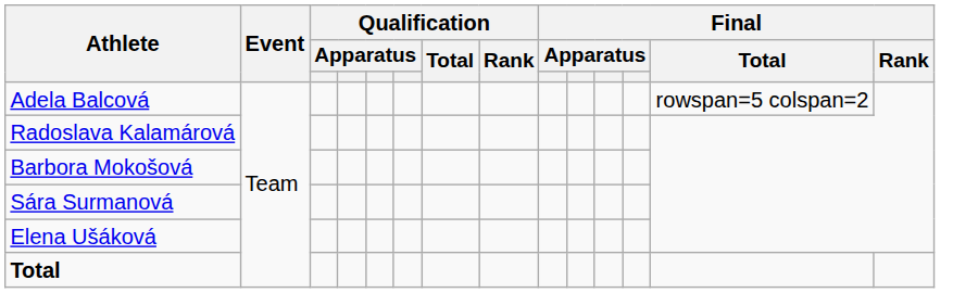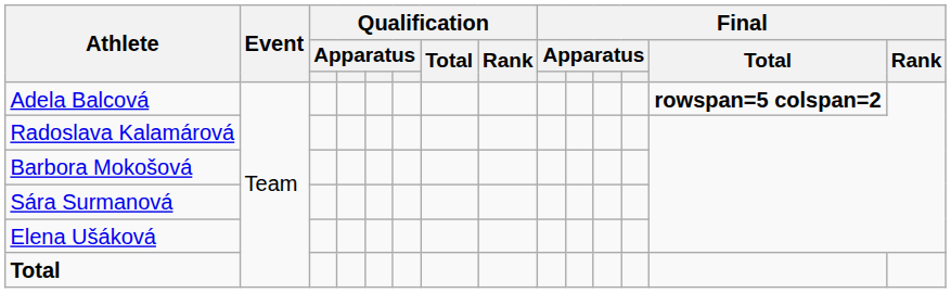 <table class="wikitable" style="font-size:90%">
 <tr>
 <th rowspan=3>Athlete</th>
 <th rowspan=3>Event</th>
 <th colspan=6>Qualification</th>
 <th colspan=6>Final</th>
 </tr>
 <tr style="font-size:95%">
 <th colspan=4>Apparatus</th>
 <th rowspan=2>Total</th>
 <th rowspan=2>Rank</th>
 <th colspan=4>Apparatus</th>
 <th rowspan=2>Total</th>
 <th rowspan=2>Rank</th>
 </tr>
 <tr style="font-size:95%">
 <th></th>
 <th></th>
 <th></th>
 <th></th>
 <th></th>
 <th></th>
 <th></th>
 <th></th>
 </tr>
 <tr align=center>
 <td align=left><a href='#'>Adela Balcová</a></td>
 <td align=left rowspan=6>Team</td>
 <td></td>
 <td></td>
 <td></td>
 <td></td>
 <td></td>
 <td></td>
 <td></td>
 <td></td>
 <td></td>
 <td></td>
-<td>rowspan=5 colspan=2</td>
+<td><strong>rowspan=5 colspan=2</strong></td>
 </tr>
 <tr align=center>
 <td align=left><a href='#'>Radoslava Kalamárová</a></td>
 <td></td>
 <td></td>
 <td></td>
 <td></td>
 <td></td>
 <td></td>
 <td></td>
 <td></td>
 <td></td>
 <td></td>
 </tr>
 <tr align=center>
 <td align=left><a href='#'>Barbora Mokošová</a></td>
 <td></td>
 <td></td>
 <td></td>
 <td></td>
 <td></td>
 <td></td>
 <td></td>
 <td></td>
 <td></td>
 <td></td>
 </tr>
 <tr align=center>
 <td align=left><a href='#'>Sára Surmanová</a></td>
 <td></td>
 <td></td>
 <td></td>
 <td></td>
 <td></td>
 <td></td>
 <td></td>
 <td></td>
 <td></td>
 <td></td>
 </tr>
 <tr align=center>
 <td align=left><a href='#'>Elena Ušáková</a></td>
 <td></td>
 <td></td>
 <td></td>
 <td></td>
 <td></td>
 <td></td>
 <td></td>
 <td></td>
 <td></td>
 <td></td>
 </tr>
 <tr align=center>
 <td align=left><strong>Total</strong></td>
 <td></td>
 <td></td>
 <td></td>
 <td></td>
 <td></td>
 <td></td>
 <td></td>
 <td></td>
 <td></td>
 <td></td>
 <td></td>
 <td></td>
 </tr>
 </table>
